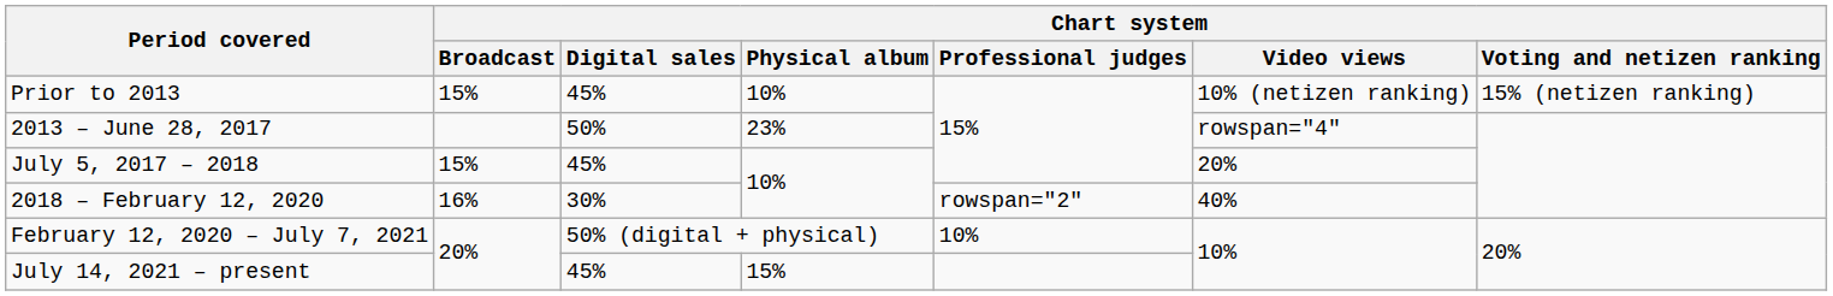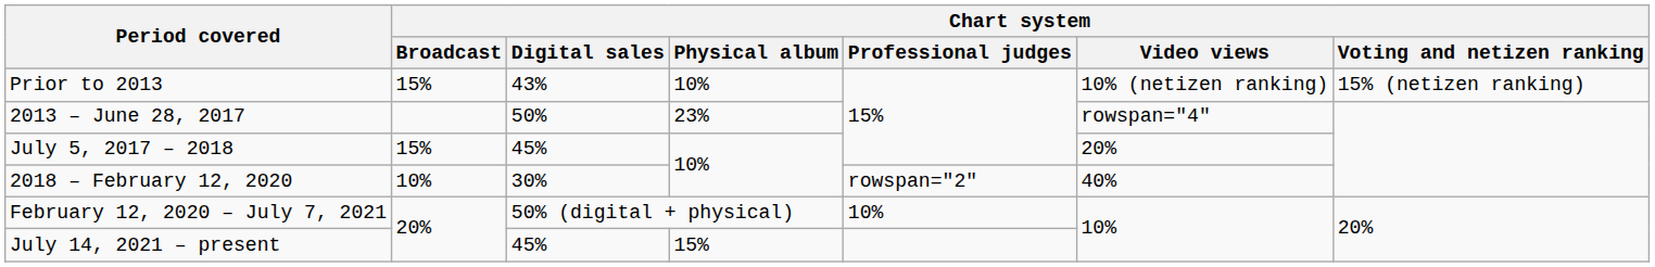 <table class="wikitable">
 <tr>
 <th rowspan="2">Period covered</th>
 <th colspan="6">Chart system</th>
 </tr>
 <tr>
 <th>Broadcast</th>
 <th>Digital sales</th>
 <th>Physical album</th>
 <th>Professional judges</th>
 <th>Video views</th>
 <th>Voting and netizen ranking</th>
 </tr>
 <tr>
 <td>Prior to 2013</td>
 <td>15%</td>
-<td>45%</td>
+<td>43%</td>
 <td>10%</td>
 <td rowspan="3">15%</td>
 <td>10% (netizen ranking)</td>
 <td>15% (netizen ranking)</td>
 </tr>
 <tr>
 <td>2013 – June 28, 2017</td>
 <td></td>
 <td>50%</td>
 <td>23%</td>
 <td>rowspan="4" </td>
 </tr>
 <tr>
 <td>July 5, 2017 – 2018</td>
 <td>15%</td>
 <td>45%</td>
 <td rowspan="2">10%</td>
 <td>20%</td>
 </tr>
 <tr>
 <td>2018 – February 12, 2020</td>
-<td>16%</td>
+<td>10%</td>
 <td>30%</td>
 <td>rowspan="2" </td>
 <td>40%</td>
 </tr>
 <tr>
 <td>February 12, 2020 – July 7, 2021</td>
 <td rowspan="2">20%</td>
 <td colspan="2">50% (digital + physical)</td>
 <td>10%</td>
 <td rowspan="2">10%</td>
 <td rowspan="2">20%</td>
 </tr>
 <tr>
 <td>July 14, 2021 – present</td>
 <td>45%</td>
 <td>15%</td>
 </tr>
 </table>
